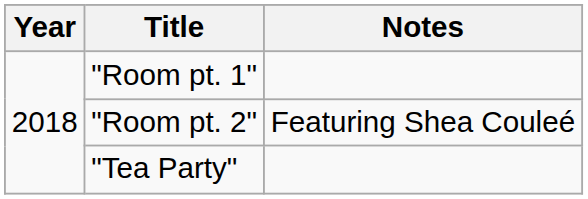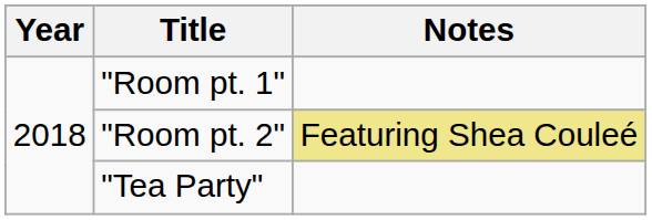 <table class="wikitable">
 <tr>
 <th>Year</th>
 <th>Title</th>
 <th>Notes</th>
 </tr>
 <tr>
 <td rowspan="3">2018</td>
 <td>"Room pt. 1"</td>
 <td></td>
 </tr>
 <tr>
 <td>"Room pt. 2"</td>
-<td>Featuring Shea Couleé</td>
+<td style="background: khaki;">Featuring Shea Couleé</td>
 </tr>
 <tr>
 <td>"Tea Party"</td>
 <td></td>
 </tr>
 </table>
